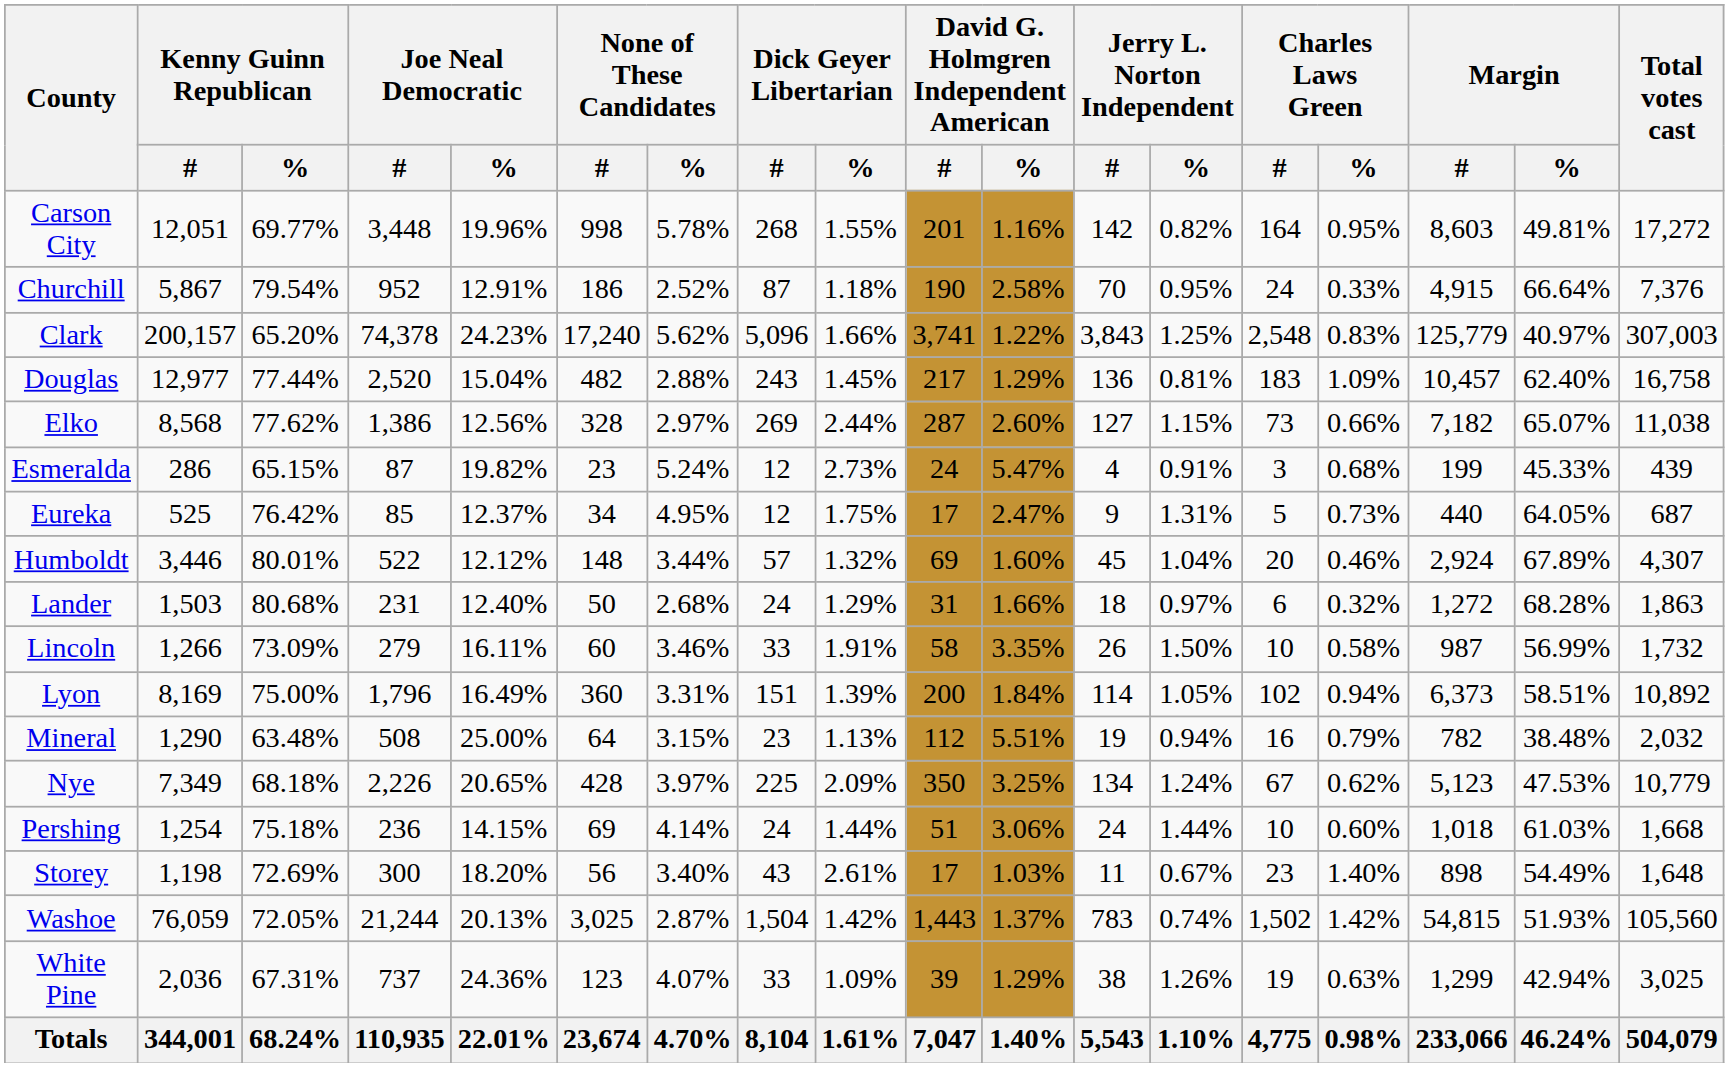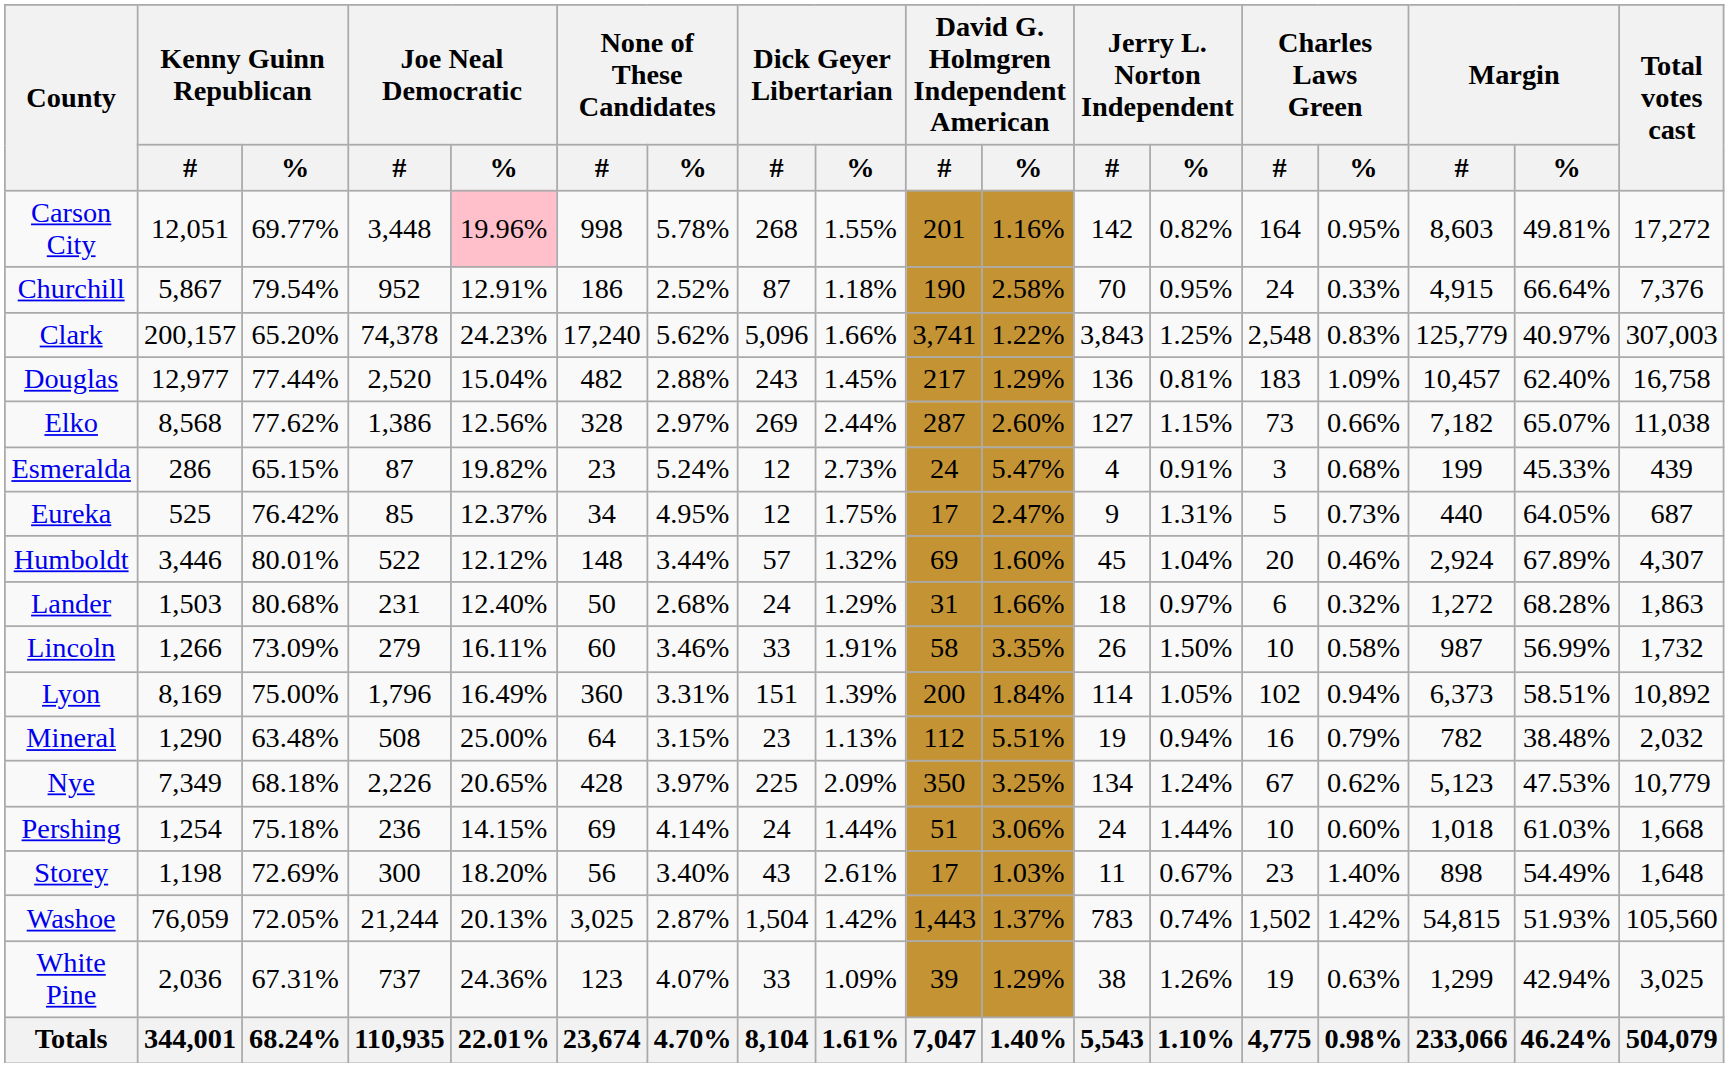 <table class="wikitable sortable" style="text-align:center">
 <tr>
 <th rowspan="2">County</th>
 <th style="text-align:center;" colspan="2">Kenny Guinn<br>Republican</th>
 <th style="text-align:center;" colspan="2">Joe Neal<br>Democratic</th>
 <th style="text-align:center;" colspan="2">None of These Candidates</th>
 <th style="text-align:center;" colspan="2">Dick Geyer<br>Libertarian</th>
 <th style="text-align:center;" colspan="2">David G. Holmgren<br>Independent American</th>
 <th style="text-align:center;" colspan="2">Jerry L. Norton<br>Independent</th>
 <th style="text-align:center;" colspan="2">Charles Laws<br>Green</th>
 <th style="text-align:center;" colspan="2">Margin</th>
 <th style="text-align:center;" rowspan="2">Total votes cast</th>
 </tr>
 <tr>
 <th style="text-align:center;" data-sort-type="number">#</th>
 <th style="text-align:center;" data-sort-type="number">%</th>
 <th style="text-align:center;" data-sort-type="number">#</th>
 <th style="text-align:center;" data-sort-type="number">%</th>
 <th style="text-align:center;" data-sort-type="number">#</th>
 <th style="text-align:center;" data-sort-type="number">%</th>
 <th style="text-align:center;" data-sort-type="number">#</th>
 <th style="text-align:center;" data-sort-type="number">%</th>
 <th style="text-align:center;" data-sort-type="number">#</th>
 <th style="text-align:center;" data-sort-type="number">%</th>
 <th style="text-align:center;" data-sort-type="number">#</th>
 <th style="text-align:center;" data-sort-type="number">%</th>
 <th style="text-align:center;" data-sort-type="number">#</th>
 <th style="text-align:center;" data-sort-type="number">%</th>
 <th style="text-align:center;" data-sort-type="number">#</th>
 <th style="text-align:center;" data-sort-type="number">%</th>
 </tr>
 <tr style="text-align:center;">
 <td><a href='#'>Carson City</a></td>
 <td>12,051</td>
 <td>69.77%</td>
 <td>3,448</td>
-<td>19.96%</td>
+<td style="background: pink;">19.96%</td>
 <td>998</td>
 <td>5.78%</td>
 <td>268</td>
 <td>1.55%</td>
 <td bgcolor="#c49334">201</td>
 <td bgcolor="#c49334">1.16%</td>
 <td>142</td>
 <td>0.82%</td>
 <td>164</td>
 <td>0.95%</td>
 <td>8,603</td>
 <td>49.81%</td>
 <td>17,272</td>
 </tr>
 <tr style="text-align:center;">
 <td><a href='#'>Churchill</a></td>
 <td>5,867</td>
 <td>79.54%</td>
 <td>952</td>
 <td>12.91%</td>
 <td>186</td>
 <td>2.52%</td>
 <td>87</td>
 <td>1.18%</td>
 <td bgcolor="#c49334">190</td>
 <td bgcolor="#c49334">2.58%</td>
 <td>70</td>
 <td>0.95%</td>
 <td>24</td>
 <td>0.33%</td>
 <td>4,915</td>
 <td>66.64%</td>
 <td>7,376</td>
 </tr>
 <tr style="text-align:center;">
 <td><a href='#'>Clark</a></td>
 <td>200,157</td>
 <td>65.20%</td>
 <td>74,378</td>
 <td>24.23%</td>
 <td>17,240</td>
 <td>5.62%</td>
 <td>5,096</td>
 <td>1.66%</td>
 <td bgcolor="#c49334">3,741</td>
 <td bgcolor="#c49334">1.22%</td>
 <td>3,843</td>
 <td>1.25%</td>
 <td>2,548</td>
 <td>0.83%</td>
 <td>125,779</td>
 <td>40.97%</td>
 <td>307,003</td>
 </tr>
 <tr style="text-align:center;">
 <td><a href='#'>Douglas</a></td>
 <td>12,977</td>
 <td>77.44%</td>
 <td>2,520</td>
 <td>15.04%</td>
 <td>482</td>
 <td>2.88%</td>
 <td>243</td>
 <td>1.45%</td>
 <td bgcolor="#c49334">217</td>
 <td bgcolor="#c49334">1.29%</td>
 <td>136</td>
 <td>0.81%</td>
 <td>183</td>
 <td>1.09%</td>
 <td>10,457</td>
 <td>62.40%</td>
 <td>16,758</td>
 </tr>
 <tr style="text-align:center;">
 <td><a href='#'>Elko</a></td>
 <td>8,568</td>
 <td>77.62%</td>
 <td>1,386</td>
 <td>12.56%</td>
 <td>328</td>
 <td>2.97%</td>
 <td>269</td>
 <td>2.44%</td>
 <td bgcolor="#c49334">287</td>
 <td bgcolor="#c49334">2.60%</td>
 <td>127</td>
 <td>1.15%</td>
 <td>73</td>
 <td>0.66%</td>
 <td>7,182</td>
 <td>65.07%</td>
 <td>11,038</td>
 </tr>
 <tr style="text-align:center;">
 <td><a href='#'>Esmeralda</a></td>
 <td>286</td>
 <td>65.15%</td>
 <td>87</td>
 <td>19.82%</td>
 <td>23</td>
 <td>5.24%</td>
 <td>12</td>
 <td>2.73%</td>
 <td bgcolor="#c49334">24</td>
 <td bgcolor="#c49334">5.47%</td>
 <td>4</td>
 <td>0.91%</td>
 <td>3</td>
 <td>0.68%</td>
 <td>199</td>
 <td>45.33%</td>
 <td>439</td>
 </tr>
 <tr style="text-align:center;">
 <td><a href='#'>Eureka</a></td>
 <td>525</td>
 <td>76.42%</td>
 <td>85</td>
 <td>12.37%</td>
 <td>34</td>
 <td>4.95%</td>
 <td>12</td>
 <td>1.75%</td>
 <td bgcolor="#c49334">17</td>
 <td bgcolor="#c49334">2.47%</td>
 <td>9</td>
 <td>1.31%</td>
 <td>5</td>
 <td>0.73%</td>
 <td>440</td>
 <td>64.05%</td>
 <td>687</td>
 </tr>
 <tr style="text-align:center;">
 <td><a href='#'>Humboldt</a></td>
 <td>3,446</td>
 <td>80.01%</td>
 <td>522</td>
 <td>12.12%</td>
 <td>148</td>
 <td>3.44%</td>
 <td>57</td>
 <td>1.32%</td>
 <td bgcolor="#c49334">69</td>
 <td bgcolor="#c49334">1.60%</td>
 <td>45</td>
 <td>1.04%</td>
 <td>20</td>
 <td>0.46%</td>
 <td>2,924</td>
 <td>67.89%</td>
 <td>4,307</td>
 </tr>
 <tr style="text-align:center;">
 <td><a href='#'>Lander</a></td>
 <td>1,503</td>
 <td>80.68%</td>
 <td>231</td>
 <td>12.40%</td>
 <td>50</td>
 <td>2.68%</td>
 <td>24</td>
 <td>1.29%</td>
 <td bgcolor="#c49334">31</td>
 <td bgcolor="#c49334">1.66%</td>
 <td>18</td>
 <td>0.97%</td>
 <td>6</td>
 <td>0.32%</td>
 <td>1,272</td>
 <td>68.28%</td>
 <td>1,863</td>
 </tr>
 <tr style="text-align:center;">
 <td><a href='#'>Lincoln</a></td>
 <td>1,266</td>
 <td>73.09%</td>
 <td>279</td>
 <td>16.11%</td>
 <td>60</td>
 <td>3.46%</td>
 <td>33</td>
 <td>1.91%</td>
 <td bgcolor="#c49334">58</td>
 <td bgcolor="#c49334">3.35%</td>
 <td>26</td>
 <td>1.50%</td>
 <td>10</td>
 <td>0.58%</td>
 <td>987</td>
 <td>56.99%</td>
 <td>1,732</td>
 </tr>
 <tr style="text-align:center;">
 <td><a href='#'>Lyon</a></td>
 <td>8,169</td>
 <td>75.00%</td>
 <td>1,796</td>
 <td>16.49%</td>
 <td>360</td>
 <td>3.31%</td>
 <td>151</td>
 <td>1.39%</td>
 <td bgcolor="#c49334">200</td>
 <td bgcolor="#c49334">1.84%</td>
 <td>114</td>
 <td>1.05%</td>
 <td>102</td>
 <td>0.94%</td>
 <td>6,373</td>
 <td>58.51%</td>
 <td>10,892</td>
 </tr>
 <tr style="text-align:center;">
 <td><a href='#'>Mineral</a></td>
 <td>1,290</td>
 <td>63.48%</td>
 <td>508</td>
 <td>25.00%</td>
 <td>64</td>
 <td>3.15%</td>
 <td>23</td>
 <td>1.13%</td>
 <td bgcolor="#c49334">112</td>
 <td bgcolor="#c49334">5.51%</td>
 <td>19</td>
 <td>0.94%</td>
 <td>16</td>
 <td>0.79%</td>
 <td>782</td>
 <td>38.48%</td>
 <td>2,032</td>
 </tr>
 <tr style="text-align:center;">
 <td><a href='#'>Nye</a></td>
 <td>7,349</td>
 <td>68.18%</td>
 <td>2,226</td>
 <td>20.65%</td>
 <td>428</td>
 <td>3.97%</td>
 <td>225</td>
 <td>2.09%</td>
 <td bgcolor="#c49334">350</td>
 <td bgcolor="#c49334">3.25%</td>
 <td>134</td>
 <td>1.24%</td>
 <td>67</td>
 <td>0.62%</td>
 <td>5,123</td>
 <td>47.53%</td>
 <td>10,779</td>
 </tr>
 <tr style="text-align:center;">
 <td><a href='#'>Pershing</a></td>
 <td>1,254</td>
 <td>75.18%</td>
 <td>236</td>
 <td>14.15%</td>
 <td>69</td>
 <td>4.14%</td>
 <td>24</td>
 <td>1.44%</td>
 <td bgcolor="#c49334">51</td>
 <td bgcolor="#c49334">3.06%</td>
 <td>24</td>
 <td>1.44%</td>
 <td>10</td>
 <td>0.60%</td>
 <td>1,018</td>
 <td>61.03%</td>
 <td>1,668</td>
 </tr>
 <tr style="text-align:center;">
 <td><a href='#'>Storey</a></td>
 <td>1,198</td>
 <td>72.69%</td>
 <td>300</td>
 <td>18.20%</td>
 <td>56</td>
 <td>3.40%</td>
 <td>43</td>
 <td>2.61%</td>
 <td bgcolor="#c49334">17</td>
 <td bgcolor="#c49334">1.03%</td>
 <td>11</td>
 <td>0.67%</td>
 <td>23</td>
 <td>1.40%</td>
 <td>898</td>
 <td>54.49%</td>
 <td>1,648</td>
 </tr>
 <tr style="text-align:center;">
 <td><a href='#'>Washoe</a></td>
 <td>76,059</td>
 <td>72.05%</td>
 <td>21,244</td>
 <td>20.13%</td>
 <td>3,025</td>
 <td>2.87%</td>
 <td>1,504</td>
 <td>1.42%</td>
 <td bgcolor="#c49334">1,443</td>
 <td bgcolor="#c49334">1.37%</td>
 <td>783</td>
 <td>0.74%</td>
 <td>1,502</td>
 <td>1.42%</td>
 <td>54,815</td>
 <td>51.93%</td>
 <td>105,560</td>
 </tr>
 <tr style="text-align:center;">
 <td><a href='#'>White Pine</a></td>
 <td>2,036</td>
 <td>67.31%</td>
 <td>737</td>
 <td>24.36%</td>
 <td>123</td>
 <td>4.07%</td>
 <td>33</td>
 <td>1.09%</td>
 <td bgcolor="#c49334">39</td>
 <td bgcolor="#c49334">1.29%</td>
 <td>38</td>
 <td>1.26%</td>
 <td>19</td>
 <td>0.63%</td>
 <td>1,299</td>
 <td>42.94%</td>
 <td>3,025</td>
 </tr>
 <tr style="text-align:center;">
 <th>Totals</th>
 <th>344,001</th>
 <th>68.24%</th>
 <th>110,935</th>
 <th>22.01%</th>
 <th>23,674</th>
 <th>4.70%</th>
 <th>8,104</th>
 <th>1.61%</th>
 <th>7,047</th>
 <th>1.40%</th>
 <th>5,543</th>
 <th>1.10%</th>
 <th>4,775</th>
 <th>0.98%</th>
 <th>233,066</th>
 <th>46.24%</th>
 <th>504,079</th>
 </tr>
 </table>
